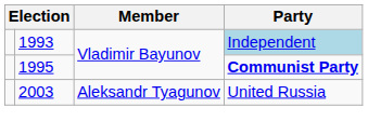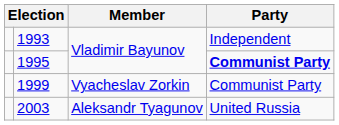 <table class="wikitable">
 <tr>
 <th colspan="2">Election</th>
 <th>Member</th>
 <th>Party</th>
 </tr>
 <tr>
 <td style="background-color:"></td>
 <td><a href='#'>1993</a></td>
 <td rowspan=2><a href='#'>Vladimir Bayunov</a></td>
-<td style="background: lightblue;"><a href='#'>Independent</a></td>
+<td><a href='#'>Independent</a></td>
 </tr>
 <tr>
 <td style="background-color:"></td>
 <td><a href='#'>1995</a></td>
 <td><strong><a href='#'>Communist Party</a></strong></td>
 </tr>
 <tr>
 <td style="background-color:"></td>
+<td><a href='#'>1999</a></td>
+<td><a href='#'>Vyacheslav Zorkin</a></td>
+<td><a href='#'>Communist Party</a></td>
+</tr>
+<tr>
+<td style="background-color:"></td>
 <td><a href='#'>2003</a></td>
 <td><a href='#'>Aleksandr Tyagunov</a></td>
 <td><a href='#'>United Russia</a></td>
 </tr>
 </table>
